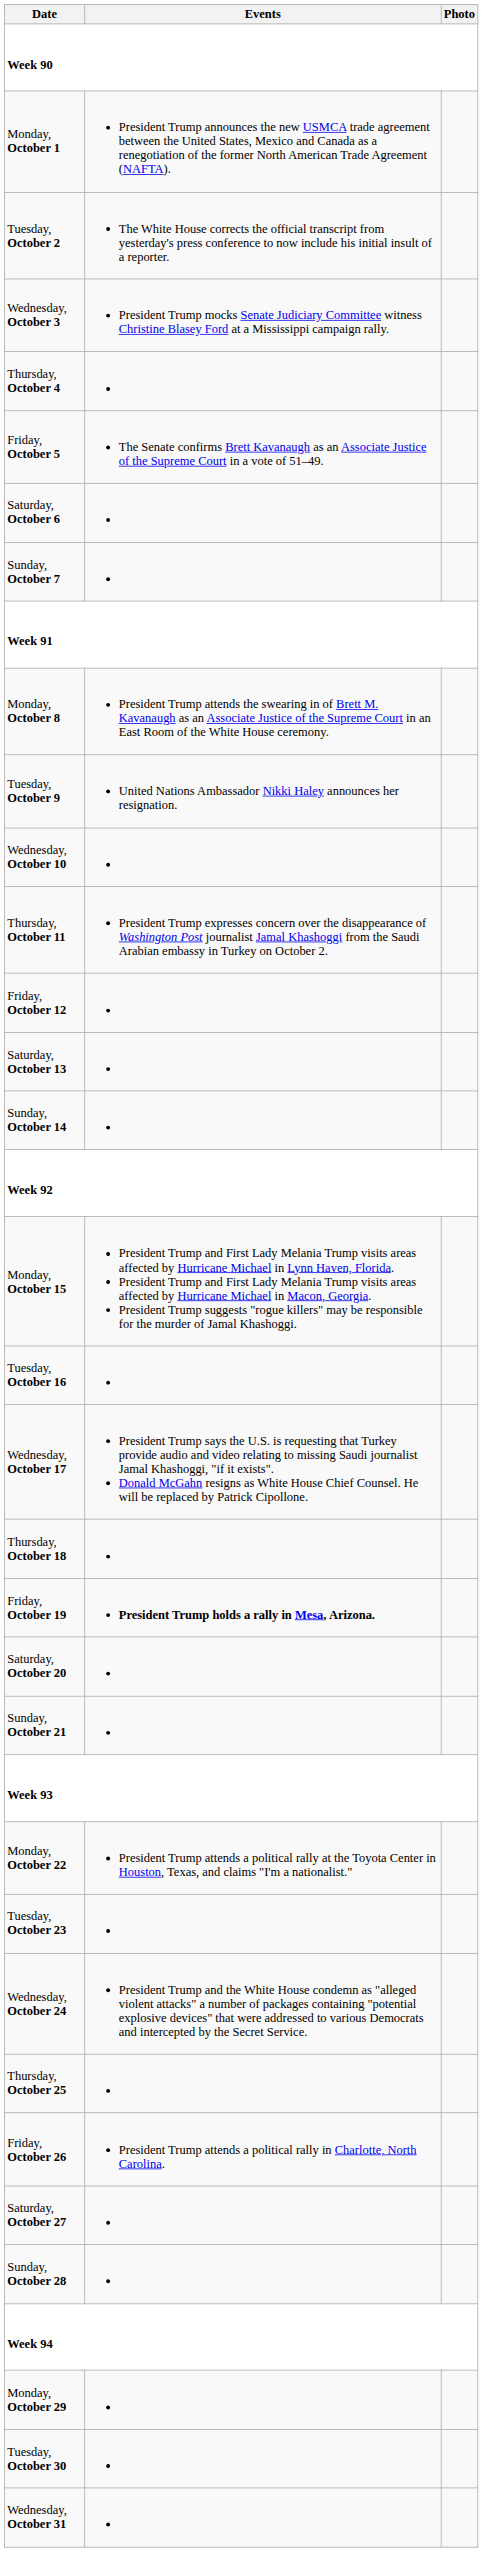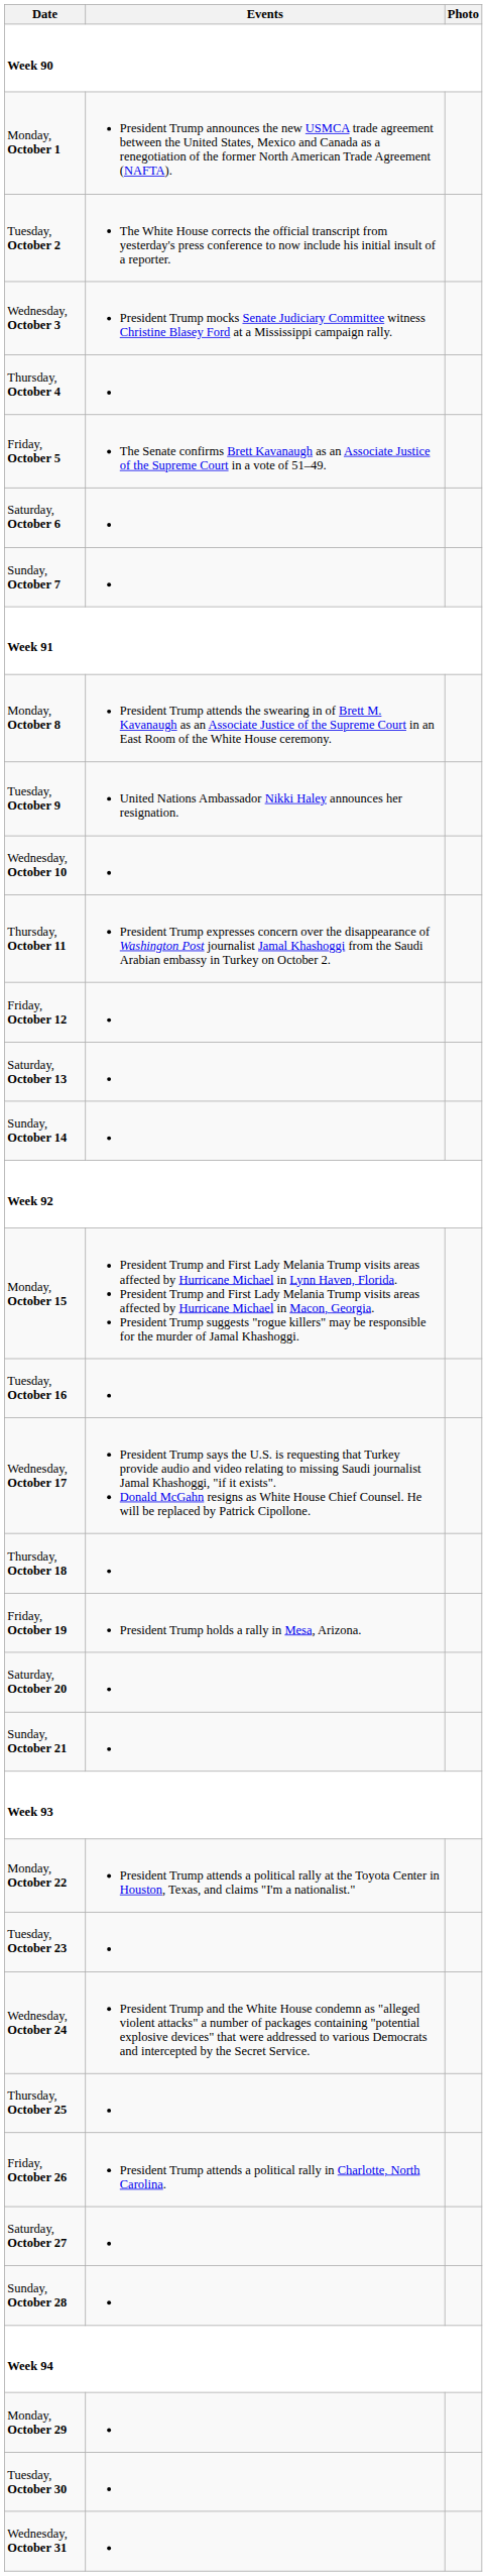 <table class="wikitable">
 <tr>
 <th>Date</th>
 <th>Events</th>
 <th>Photo</th>
 </tr>
 <tr style="background:white;">
 <td colspan="3"><br><h4>Week 90</h4></td>
 </tr>
 <tr>
 <td>Monday, <strong>October 1</strong></td>
 <td><br><ul><li>President Trump announces the new <a href='#'>USMCA</a> trade agreement between the United States, Mexico and Canada as a renegotiation of the former North American Trade Agreement (<a href='#'>NAFTA</a>).</li></ul></td>
 <td></td>
 </tr>
 <tr>
 <td>Tuesday, <strong>October 2</strong></td>
 <td><br><ul><li>The White House corrects the official transcript from yesterday's press conference to now include his initial insult of a reporter.</li></ul></td>
 <td></td>
 </tr>
 <tr>
 <td>Wednesday, <strong>October 3</strong></td>
 <td><br><ul><li>President Trump mocks <a href='#'>Senate Judiciary Committee</a> witness <a href='#'>Christine Blasey Ford</a> at a Mississippi campaign rally.</li></ul></td>
 <td></td>
 </tr>
 <tr>
 <td>Thursday, <strong>October 4</strong></td>
 <td><br><ul><li></li></ul></td>
 <td></td>
 </tr>
 <tr>
 <td>Friday, <strong>October 5</strong></td>
 <td><br><ul><li>The Senate confirms <a href='#'>Brett Kavanaugh</a> as an <a href='#'>Associate Justice of the Supreme Court</a> in a vote of 51–49.</li></ul></td>
 <td></td>
 </tr>
 <tr>
 <td>Saturday, <strong>October 6</strong></td>
 <td><br><ul><li></li></ul></td>
 <td></td>
 </tr>
 <tr>
 <td>Sunday, <strong>October 7</strong></td>
 <td><br><ul><li></li></ul></td>
 <td></td>
 </tr>
 <tr style="background:white;">
 <td colspan="3"><br><h4>Week 91</h4></td>
 </tr>
 <tr>
 <td>Monday, <strong>October 8</strong></td>
 <td><br><ul><li>President Trump attends the swearing in of <a href='#'>Brett M. Kavanaugh</a> as an <a href='#'>Associate Justice of the Supreme Court</a> in an East Room of the White House ceremony.</li></ul></td>
 <td></td>
 </tr>
 <tr>
 <td>Tuesday, <strong>October 9</strong></td>
 <td><br><ul><li>United Nations Ambassador <a href='#'>Nikki Haley</a> announces her resignation.</li></ul></td>
 <td></td>
 </tr>
 <tr>
 <td>Wednesday, <strong>October 10</strong></td>
 <td><br><ul><li></li></ul></td>
 <td></td>
 </tr>
 <tr>
 <td>Thursday, <strong>October 11</strong></td>
 <td><br><ul><li>President Trump expresses concern over the disappearance of <em><a href='#'>Washington Post</a></em> journalist <a href='#'>Jamal Khashoggi</a> from the Saudi Arabian embassy in Turkey on October 2.</li></ul></td>
 <td></td>
 </tr>
 <tr>
 <td>Friday, <strong>October 12</strong></td>
 <td><br><ul><li></li></ul></td>
 <td></td>
 </tr>
 <tr>
 <td>Saturday, <strong>October 13</strong></td>
 <td><br><ul><li></li></ul></td>
 <td></td>
 </tr>
 <tr>
 <td>Sunday, <strong>October 14</strong></td>
 <td><br><ul><li></li></ul></td>
 <td></td>
 </tr>
 <tr style="background:white;">
 <td colspan="3"><br><h4>Week 92</h4></td>
 </tr>
 <tr>
 <td>Monday, <strong>October 15</strong></td>
 <td><br><ul><li>President Trump and First Lady Melania Trump visits areas affected by <a href='#'>Hurricane Michael</a> in <a href='#'>Lynn Haven, Florida</a>.</li><li>President Trump and First Lady Melania Trump visits areas affected by <a href='#'>Hurricane Michael</a> in <a href='#'>Macon, Georgia</a>.</li><li>President Trump suggests "rogue killers" may be responsible for the murder of Jamal Khashoggi.</li></ul></td>
 <td><br></td>
 </tr>
 <tr>
 <td>Tuesday, <strong>October 16</strong></td>
 <td><br><ul><li></li></ul></td>
 <td></td>
 </tr>
 <tr>
 <td>Wednesday, <strong>October 17</strong></td>
 <td><br><ul><li>President Trump says the U.S. is requesting that Turkey provide audio and video relating to missing Saudi journalist Jamal Khashoggi, "if it exists".</li><li><a href='#'>Donald McGahn</a> resigns as White House Chief Counsel. He will be replaced by Patrick Cipollone.</li></ul></td>
 <td></td>
 </tr>
 <tr>
 <td>Thursday, <strong>October 18</strong></td>
 <td><br><ul><li></li></ul></td>
 <td></td>
 </tr>
 <tr>
 <td>Friday, <strong>October 19</strong></td>
-<td><strong><br><ul><li>President Trump holds a rally in <a href='#'>Mesa</a>, Arizona.</li></ul></strong></td>
+<td><br><ul><li>President Trump holds a rally in <a href='#'>Mesa</a>, Arizona.</li></ul></td>
 <td></td>
 </tr>
 <tr>
 <td>Saturday, <strong>October 20</strong></td>
 <td><br><ul><li></li></ul></td>
 <td></td>
 </tr>
 <tr>
 <td>Sunday, <strong>October 21</strong></td>
 <td><br><ul><li></li></ul></td>
 <td></td>
 </tr>
 <tr style="background:white;">
 <td colspan="3"><br><h4>Week 93</h4></td>
 </tr>
 <tr>
 <td>Monday, <strong>October 22</strong></td>
 <td><br><ul><li>President Trump attends a political rally at the Toyota Center in <a href='#'>Houston</a>, Texas, and claims "I'm a nationalist."</li></ul></td>
 <td></td>
 </tr>
 <tr>
 <td>Tuesday, <strong>October 23</strong></td>
 <td><br><ul><li></li></ul></td>
 <td></td>
 </tr>
 <tr>
 <td>Wednesday, <strong>October 24</strong></td>
 <td><br><ul><li>President Trump and the White House condemn as "alleged violent attacks" a number of packages containing "potential explosive devices" that were addressed to various Democrats and intercepted by the Secret Service.</li></ul></td>
 <td></td>
 </tr>
 <tr>
 <td>Thursday, <strong>October 25</strong></td>
 <td><br><ul><li></li></ul></td>
 <td></td>
 </tr>
 <tr>
 <td>Friday, <strong>October 26</strong></td>
 <td><br><ul><li>President Trump attends a political rally in <a href='#'>Charlotte, North Carolina</a>.</li></ul></td>
 <td></td>
 </tr>
 <tr>
 <td>Saturday, <strong>October 27</strong></td>
 <td><br><ul><li></li></ul></td>
 <td></td>
 </tr>
 <tr>
 <td>Sunday, <strong>October 28</strong></td>
 <td><br><ul><li></li></ul></td>
 <td></td>
 </tr>
 <tr style="background:white;">
 <td colspan="3"><br><h4>Week 94</h4></td>
 </tr>
 <tr>
 <td>Monday, <strong>October 29</strong></td>
 <td><br><ul><li></li></ul></td>
 <td></td>
 </tr>
 <tr>
 <td>Tuesday, <strong>October 30</strong></td>
 <td><br><ul><li></li></ul></td>
 <td></td>
 </tr>
 <tr>
 <td>Wednesday, <strong>October 31</strong></td>
 <td><br><ul><li></li></ul></td>
 <td></td>
 </tr>
 </table>
